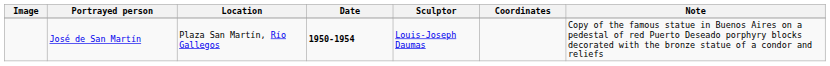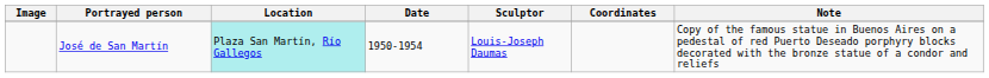 <table class="wikitable sortable"  style="width:100%;">
 <tr>
 <th width="5%" align="left" class="unsortable">Image</th>
 <th width="15%" align="left">Portrayed person</th>
 <th width="15%" align="left">Location</th>
 <th width="10%" align="left">Date</th>
 <th width="10%" align="left">Sculptor</th>
 <th width="10%" align="left">Coordinates</th>
 <th width="30%" align="left">Note</th>
 </tr>
 <tr>
 </tr>
 <tr>
 <td></td>
 <td><a href='#'>José de San Martín</a></td>
-<td>Plaza San Martín, <a href='#'>Río Gallegos</a></td>
-<td><strong>1950-1954</strong></td>
+<td style="background: paleturquoise;">Plaza San Martín, <a href='#'>Río Gallegos</a></td>
+<td>1950-1954</td>
 <td><a href='#'>Louis-Joseph Daumas</a></td>
 <td></td>
 <td>Copy of the famous statue in Buenos Aires on a pedestal of red Puerto Deseado porphyry blocks decorated with the bronze statue of a condor and reliefs</td>
 </tr>
 </table>
